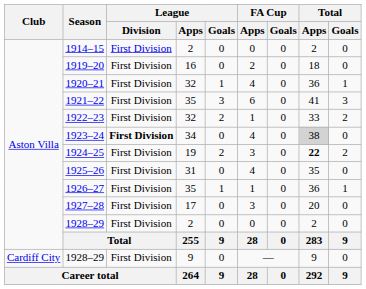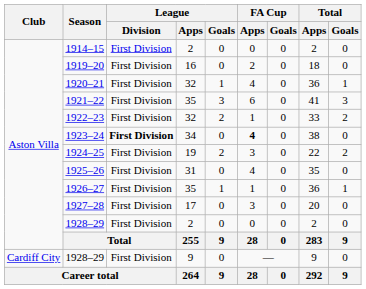 <table class="wikitable" style="text-align: center">
 <tr>
 <th rowspan="2">Club</th>
 <th rowspan="2">Season</th>
 <th colspan="3">League</th>
 <th colspan="2">FA Cup</th>
 <th colspan="2">Total</th>
 </tr>
 <tr>
 <th>Division</th>
 <th>Apps</th>
 <th>Goals</th>
 <th>Apps</th>
 <th>Goals</th>
 <th>Apps</th>
 <th>Goals</th>
 </tr>
 <tr>
 <td rowspan="12"><a href='#'>Aston Villa</a></td>
 <td><a href='#'>1914–15</a></td>
 <td><a href='#'>First Division</a></td>
 <td>2</td>
 <td>0</td>
 <td>0</td>
 <td>0</td>
 <td>2</td>
 <td>0</td>
 </tr>
 <tr>
 <td><a href='#'>1919–20</a></td>
 <td>First Division</td>
 <td>16</td>
 <td>0</td>
 <td>2</td>
 <td>0</td>
 <td>18</td>
 <td>0</td>
 </tr>
 <tr>
 <td><a href='#'>1920–21</a></td>
 <td>First Division</td>
 <td>32</td>
 <td>1</td>
 <td>4</td>
 <td>0</td>
 <td>36</td>
 <td>1</td>
 </tr>
 <tr>
 <td><a href='#'>1921–22</a></td>
 <td>First Division</td>
 <td>35</td>
 <td>3</td>
 <td>6</td>
 <td>0</td>
 <td>41</td>
 <td>3</td>
 </tr>
 <tr>
 <td><a href='#'>1922–23</a></td>
 <td>First Division</td>
 <td>32</td>
 <td>2</td>
 <td>1</td>
 <td>0</td>
 <td>33</td>
 <td>2</td>
 </tr>
 <tr>
 <td><a href='#'>1923–24</a></td>
 <td><strong>First Division</strong></td>
 <td>34</td>
 <td>0</td>
-<td>4</td>
+<td><strong>4</strong></td>
 <td>0</td>
-<td style="background: lightgrey;">38</td>
+<td>38</td>
 <td>0</td>
 </tr>
 <tr>
 <td><a href='#'>1924–25</a></td>
 <td>First Division</td>
 <td>19</td>
 <td>2</td>
 <td>3</td>
 <td>0</td>
-<td><strong>22</strong></td>
+<td>22</td>
 <td>2</td>
 </tr>
 <tr>
 <td><a href='#'>1925–26</a></td>
 <td>First Division</td>
 <td>31</td>
 <td>0</td>
 <td>4</td>
 <td>0</td>
 <td>35</td>
 <td>0</td>
 </tr>
 <tr>
 <td><a href='#'>1926–27</a></td>
 <td>First Division</td>
 <td>35</td>
 <td>1</td>
 <td>1</td>
 <td>0</td>
 <td>36</td>
 <td>1</td>
 </tr>
 <tr>
 <td><a href='#'>1927–28</a></td>
 <td>First Division</td>
 <td>17</td>
 <td>0</td>
 <td>3</td>
 <td>0</td>
 <td>20</td>
 <td>0</td>
 </tr>
 <tr>
 <td><a href='#'>1928–29</a></td>
 <td>First Division</td>
 <td>2</td>
 <td>0</td>
 <td>0</td>
 <td>0</td>
 <td>2</td>
 <td>0</td>
 </tr>
 <tr>
 <th colspan="2">Total</th>
 <th>255</th>
 <th>9</th>
 <th>28</th>
 <th>0</th>
 <th>283</th>
 <th>9</th>
 </tr>
 <tr>
 <td><a href='#'>Cardiff City</a></td>
 <td>1928–29</td>
 <td>First Division</td>
 <td>9</td>
 <td>0</td>
 <td colspan="2">—</td>
 <td>9</td>
 <td>0</td>
 </tr>
 <tr>
 <th colspan="3">Career total</th>
 <th>264</th>
 <th>9</th>
 <th>28</th>
 <th>0</th>
 <th>292</th>
 <th>9</th>
 </tr>
 </table>
